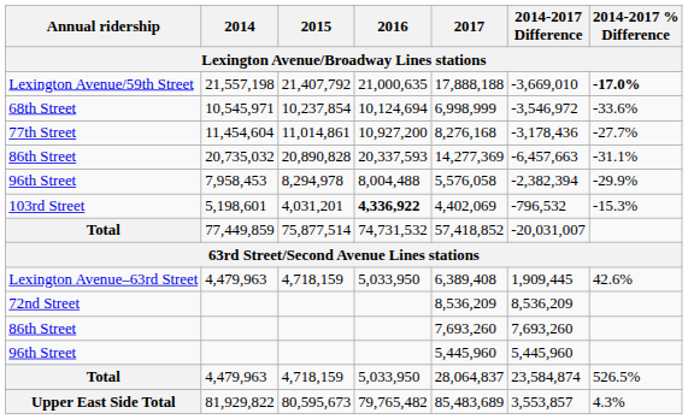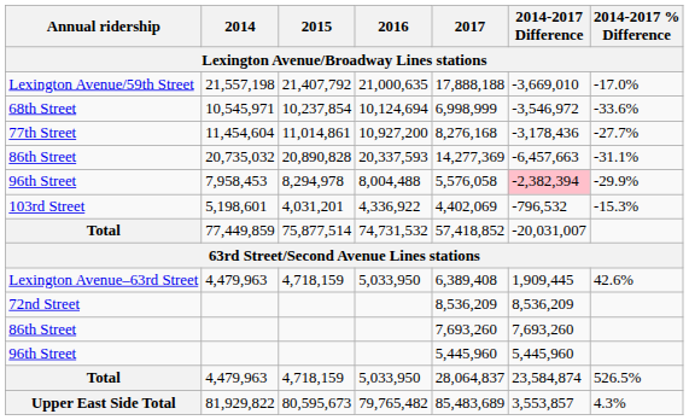 <table class="wikitable">
 <tr>
 <th>Annual ridership</th>
 <th>2014</th>
 <th>2015</th>
 <th>2016</th>
 <th>2017</th>
 <th>2014-2017<br>Difference</th>
 <th>2014-2017 %<br>Difference</th>
 </tr>
 <tr>
 <th colspan="7">Lexington Avenue/Broadway Lines stations</th>
 </tr>
 <tr>
 <td><a href='#'>Lexington Avenue/59th Street</a></td>
 <td>21,557,198</td>
 <td>21,407,792</td>
 <td>21,000,635</td>
 <td>17,888,188</td>
 <td>-3,669,010</td>
-<td><strong>-17.0%</strong></td>
+<td>-17.0%</td>
 </tr>
 <tr>
 <td><a href='#'>68th Street</a></td>
 <td>10,545,971</td>
 <td>10,237,854</td>
 <td>10,124,694</td>
 <td>6,998,999</td>
 <td>-3,546,972</td>
 <td>-33.6%</td>
 </tr>
 <tr>
 <td><a href='#'>77th Street</a></td>
 <td>11,454,604</td>
 <td>11,014,861</td>
 <td>10,927,200</td>
 <td>8,276,168</td>
 <td>-3,178,436</td>
 <td>-27.7%</td>
 </tr>
 <tr>
 <td><a href='#'>86th Street</a></td>
 <td>20,735,032</td>
 <td>20,890,828</td>
 <td>20,337,593</td>
 <td>14,277,369</td>
 <td>-6,457,663</td>
 <td>-31.1%</td>
 </tr>
 <tr>
 <td><a href='#'>96th Street</a></td>
 <td>7,958,453</td>
 <td>8,294,978</td>
 <td>8,004,488</td>
 <td>5,576,058</td>
-<td>-2,382,394</td>
+<td style="background: pink;">-2,382,394</td>
 <td>-29.9%</td>
 </tr>
 <tr>
 <td><a href='#'>103rd Street</a></td>
 <td>5,198,601</td>
 <td>4,031,201</td>
-<td><strong>4,336,922</strong></td>
+<td>4,336,922</td>
 <td>4,402,069</td>
 <td>-796,532</td>
 <td>-15.3%</td>
 </tr>
 <tr>
 <th>Total</th>
 <td>77,449,859</td>
 <td>75,877,514</td>
 <td>74,731,532</td>
 <td>57,418,852</td>
 <td>-20,031,007</td>
 <td></td>
 </tr>
 <tr>
 <th colspan="7">63rd Street/Second Avenue Lines stations</th>
 </tr>
 <tr>
 <td><a href='#'>Lexington Avenue–63rd Street</a></td>
 <td>4,479,963</td>
 <td>4,718,159</td>
 <td>5,033,950</td>
 <td>6,389,408</td>
 <td>1,909,445</td>
 <td>42.6%</td>
 </tr>
 <tr>
 <td><a href='#'>72nd Street</a></td>
 <td></td>
 <td></td>
 <td></td>
 <td>8,536,209</td>
 <td>8,536,209</td>
 <td></td>
 </tr>
 <tr>
 <td><a href='#'>86th Street</a></td>
 <td></td>
 <td></td>
 <td></td>
 <td>7,693,260</td>
 <td>7,693,260</td>
 <td></td>
 </tr>
 <tr>
 <td><a href='#'>96th Street</a></td>
 <td></td>
 <td></td>
 <td></td>
 <td>5,445,960</td>
 <td>5,445,960</td>
 <td></td>
 </tr>
 <tr>
 <th>Total</th>
 <td>4,479,963</td>
 <td>4,718,159</td>
 <td>5,033,950</td>
 <td>28,064,837</td>
 <td>23,584,874</td>
 <td>526.5%</td>
 </tr>
 <tr>
 <th>Upper East Side Total</th>
 <td>81,929,822</td>
 <td>80,595,673</td>
 <td>79,765,482</td>
 <td>85,483,689</td>
 <td>3,553,857</td>
 <td>4.3%</td>
 </tr>
 </table>
